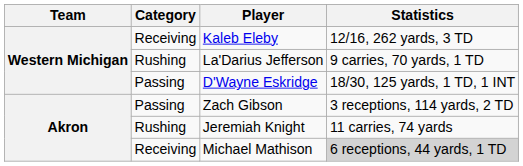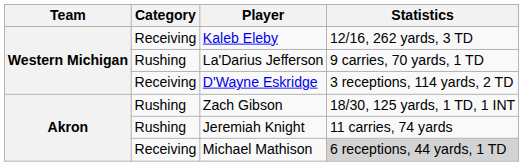 <table class="wikitable" style="float:right">
 <tr>
 <th>Team</th>
 <th>Category</th>
 <th>Player</th>
 <th>Statistics</th>
 </tr>
 <tr>
 <th rowspan=3>Western Michigan</th>
 <td>Receiving</td>
 <td><a href='#'>Kaleb Eleby</a></td>
 <td>12/16, 262 yards, 3 TD</td>
 </tr>
 <tr>
 <td>Rushing</td>
 <td>La'Darius Jefferson</td>
 <td>9 carries, 70 yards, 1 TD</td>
 </tr>
 <tr>
-<td>Passing</td>
+<td>Receiving</td>
 <td><a href='#'>D'Wayne Eskridge</a></td>
-<td>18/30, 125 yards, 1 TD, 1 INT</td>
+<td>3 receptions, 114 yards, 2 TD</td>
 </tr>
 <tr>
 <th rowspan=3>Akron</th>
-<td>Passing</td>
+<td>Rushing</td>
 <td>Zach Gibson</td>
-<td>3 receptions, 114 yards, 2 TD</td>
+<td>18/30, 125 yards, 1 TD, 1 INT</td>
 </tr>
 <tr>
 <td>Rushing</td>
 <td>Jeremiah Knight</td>
 <td>11 carries, 74 yards</td>
 </tr>
 <tr>
 <td>Receiving</td>
 <td>Michael Mathison</td>
 <td style="background: lightgrey;">6 receptions, 44 yards, 1 TD</td>
 </tr>
 </table>
